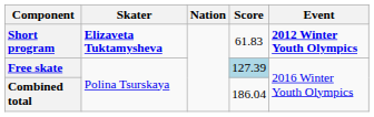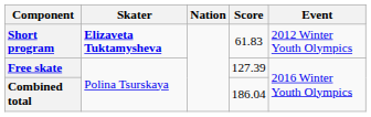 <table class="wikitable unsortable" style="text-align:left; width:75%">
 <tr>
 <th scope="col">Component</th>
 <th scope="col">Skater</th>
 <th scope="col">Nation</th>
 <th scope="col">Score</th>
 <th scope="col">Event</th>
 </tr>
 <tr>
 <th scope="row" style="text-align:left"><a href='#'>Short program</a></th>
 <td><strong><a href='#'>Elizaveta Tuktamysheva</a></strong></td>
 <td rowspan="3"></td>
 <td style="text-align:center">61.83</td>
-<td><strong><a href='#'>2012 Winter Youth Olympics</a></strong></td>
+<td><a href='#'>2012 Winter Youth Olympics</a></td>
 </tr>
 <tr>
 <th scope="row" style="text-align:left"><a href='#'>Free skate</a></th>
 <td rowspan="2"><a href='#'>Polina Tsurskaya</a></td>
-<td style="background: lightblue; text-align:center">127.39</td>
+<td style="text-align:center">127.39</td>
 <td rowspan="2"><a href='#'>2016 Winter Youth Olympics</a></td>
 </tr>
 <tr>
 <th scope="row" style="text-align:left">Combined total</th>
 <td style="text-align:center">186.04</td>
 </tr>
 </table>
